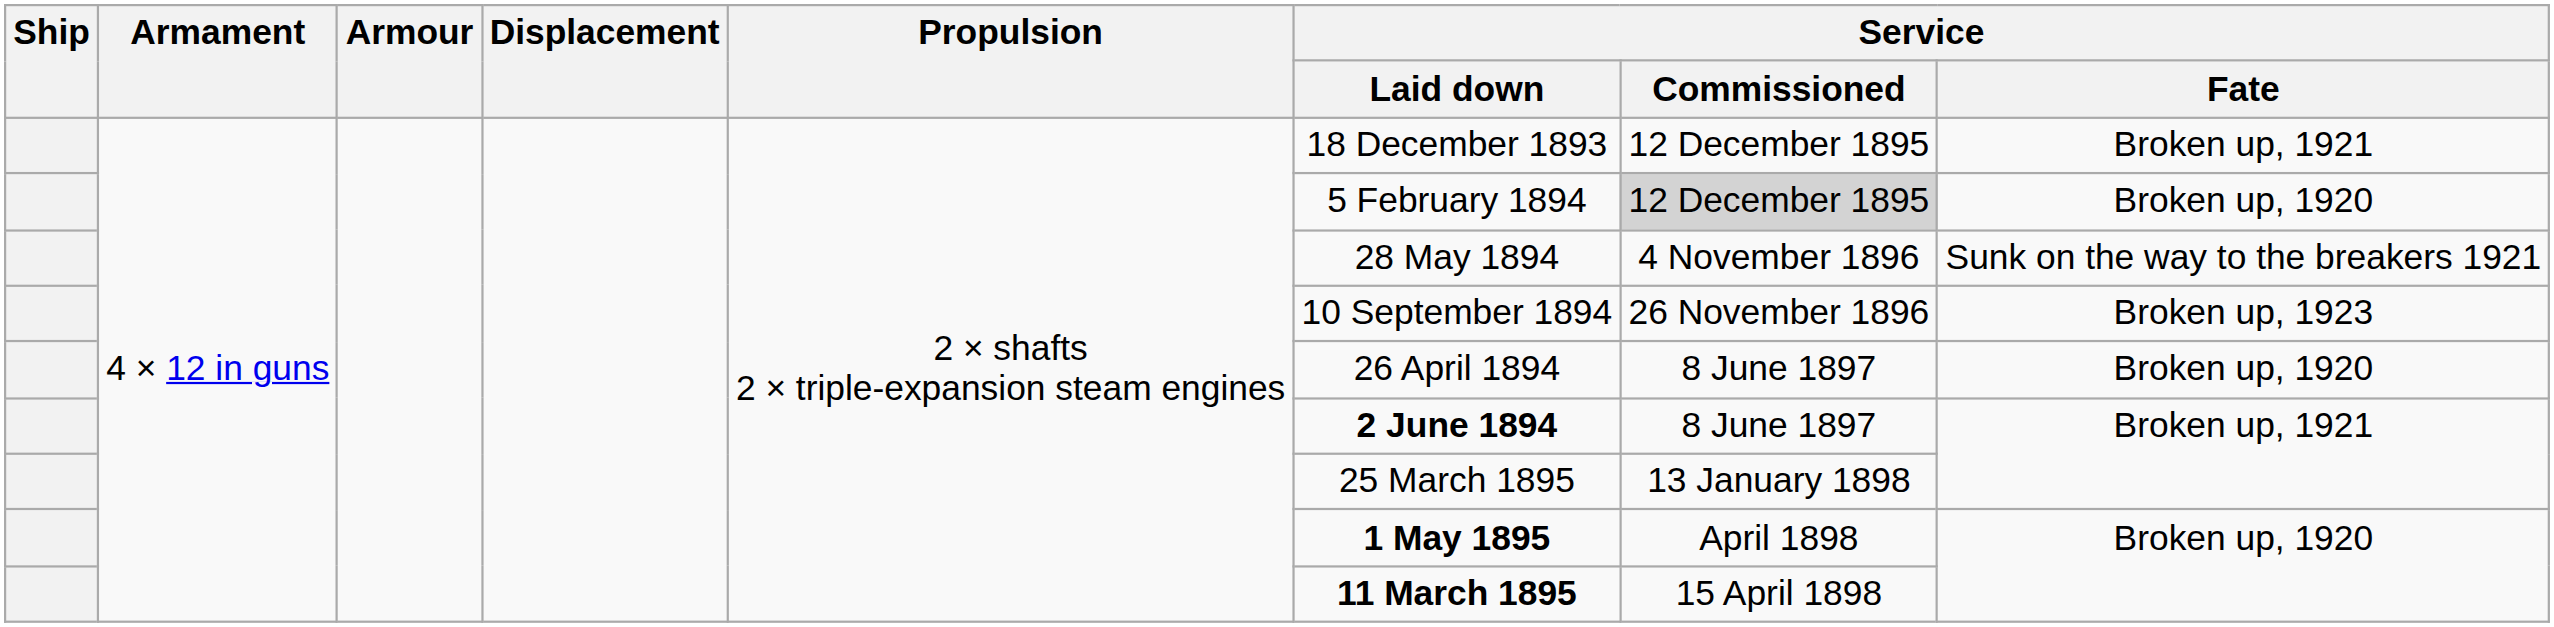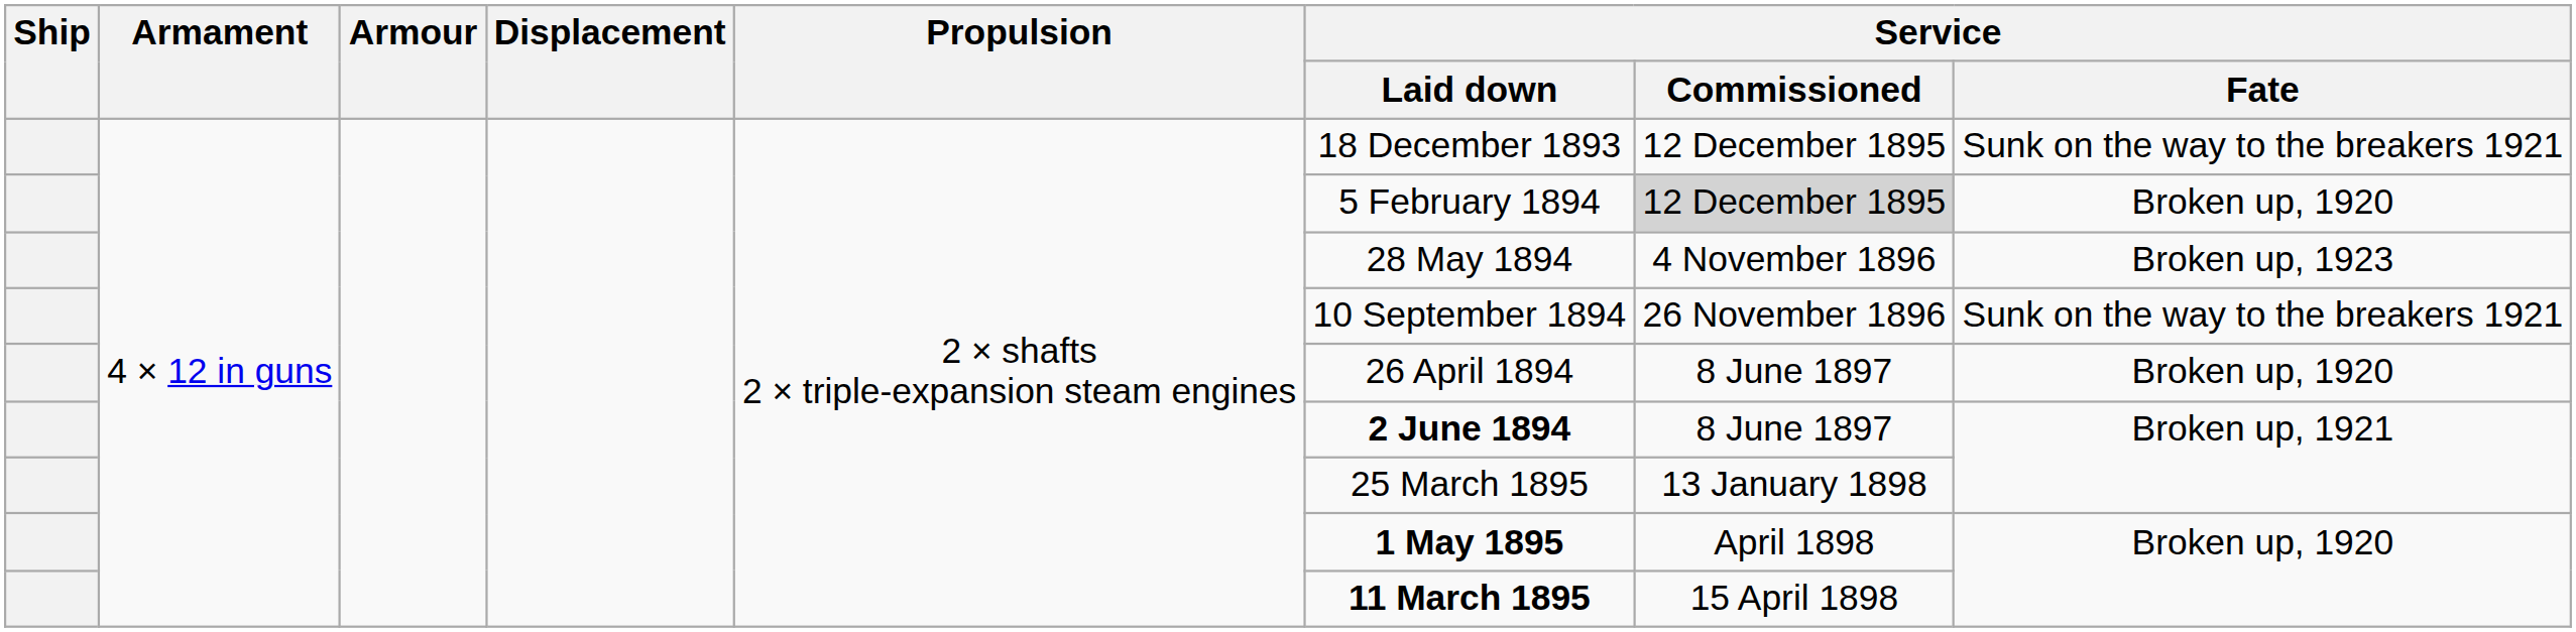 <table class="wikitable plainrowheaders" style="text-align: center;">
 <tr valign="top">
 <th scope="col" rowspan="2">Ship</th>
 <th scope="col" rowspan="2">Armament</th>
 <th scope="col" rowspan="2">Armour</th>
 <th scope="col" rowspan="2">Displacement</th>
 <th scope="col" rowspan="2">Propulsion</th>
 <th scope="col" colspan="3">Service</th>
 </tr>
 <tr valign="top">
 <th scope="col">Laid down</th>
 <th scope="col">Commissioned</th>
 <th scope="col">Fate</th>
 </tr>
 <tr valign="center">
 <th scope="row"></th>
 <td rowspan="9">4 × <a href='#'>12 in guns</a></td>
 <td rowspan="9"></td>
 <td rowspan="9"></td>
 <td rowspan="9">2 × shafts<br>2 × triple-expansion steam engines<br></td>
 <td>18 December 1893</td>
 <td>12 December 1895</td>
-<td>Broken up, 1921</td>
+<td>Sunk on the way to the breakers 1921</td>
 </tr>
 <tr valign="top">
 <th scope="row"></th>
 <td>5 February 1894</td>
 <td style="background: lightgrey;">12 December 1895</td>
 <td>Broken up, 1920</td>
 </tr>
 <tr valign="top">
 <th scope="row"></th>
 <td>28 May 1894</td>
 <td>4 November 1896</td>
-<td>Sunk on the way to the breakers 1921</td>
+<td>Broken up, 1923</td>
 </tr>
 <tr valign="top">
 <th scope="row"></th>
 <td>10 September 1894</td>
 <td>26 November 1896</td>
-<td>Broken up, 1923</td>
+<td>Sunk on the way to the breakers 1921</td>
 </tr>
 <tr valign="top">
 <th scope="row"></th>
 <td>26 April 1894</td>
 <td>8 June 1897</td>
 <td>Broken up, 1920</td>
 </tr>
 <tr valign="top">
 <th scope="row"></th>
 <td><strong>2 June 1894</strong></td>
 <td>8 June 1897</td>
 <td rowspan="2">Broken up, 1921</td>
 </tr>
 <tr valign="top">
 <th scope="row"></th>
 <td>25 March 1895</td>
 <td>13 January 1898</td>
 </tr>
 <tr valign="top">
 <th scope="row"></th>
 <td><strong>1 May 1895</strong></td>
 <td>April 1898</td>
 <td rowspan="2">Broken up, 1920</td>
 </tr>
 <tr valign="top">
 <th scope="row"></th>
 <td><strong>11 March 1895</strong></td>
 <td>15 April 1898</td>
 </tr>
 </table>
